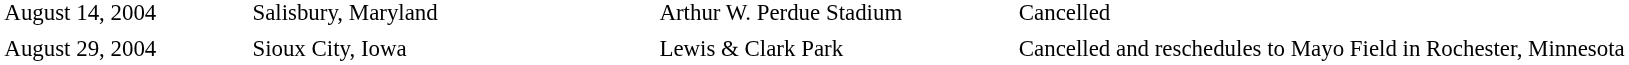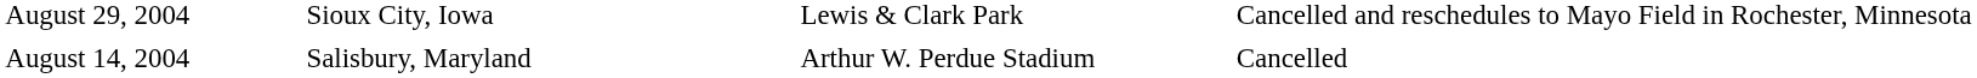 <table cellpadding="2" style="border: 0px solid darkgray; font-size:90%">
 <tr>
 <th width="150"></th>
 <th width="250"></th>
 <th width="220"></th>
 <th width="700"></th>
 </tr>
+<tr>
+<td>August 29, 2004</td>
+<td>Sioux City, Iowa</td>
+<td>Lewis & Clark Park</td>
+<td>Cancelled and reschedules to Mayo Field in Rochester, Minnesota</td>
+</tr>
 <tr border="0">
 <td>August 14, 2004</td>
 <td>Salisbury, Maryland</td>
 <td>Arthur W. Perdue Stadium</td>
 <td>Cancelled </td>
 </tr>
-<tr>
-<td>August 29, 2004</td>
-<td>Sioux City, Iowa</td>
-<td>Lewis & Clark Park</td>
-<td>Cancelled and reschedules to Mayo Field in Rochester, Minnesota</td>
-</tr>
 </table>
